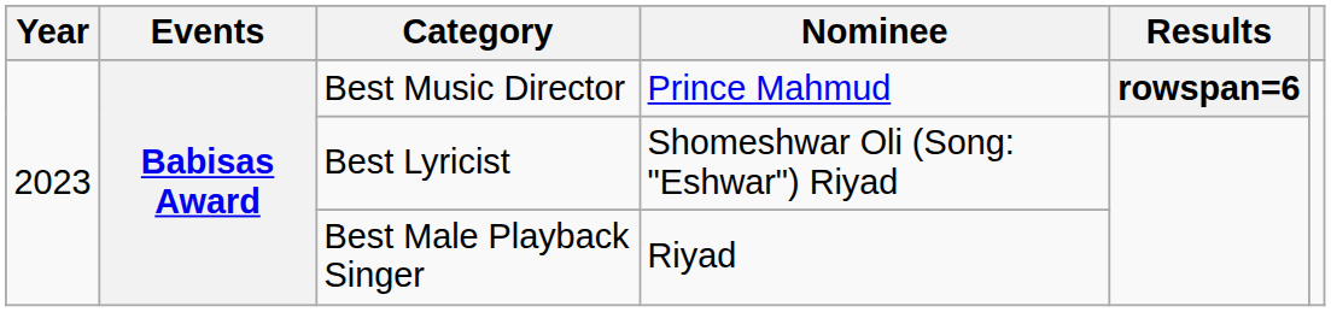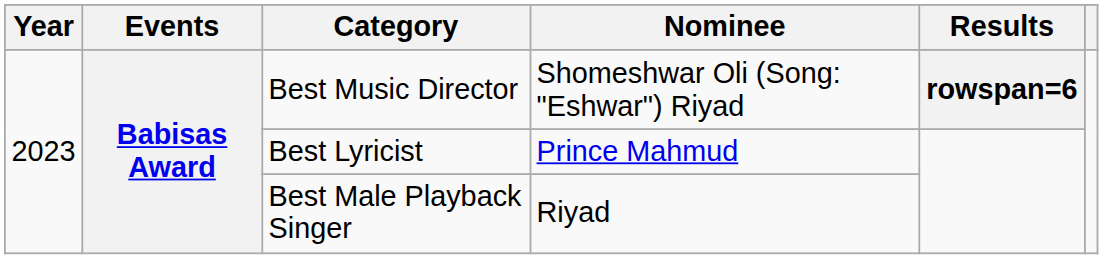 <table class="wikitable">
 <tr>
 <th>Year</th>
 <th>Events</th>
 <th>Category</th>
 <th>Nominee</th>
 <th>Results</th>
 <th></th>
 </tr>
 <tr>
 <td rowspan="3">2023</td>
 <th rowspan="3"><a href='#'>Babisas Award</a></th>
 <td>Best Music Director</td>
-<td><a href='#'>Prince Mahmud</a></td>
+<td>Shomeshwar Oli (Song: "Eshwar") Riyad</td>
 <th>rowspan=6 </th>
 <td rowspan="3"></td>
 </tr>
 <tr>
 <td>Best Lyricist</td>
-<td>Shomeshwar Oli (Song: "Eshwar") Riyad</td>
+<td><a href='#'>Prince Mahmud</a></td>
 </tr>
 <tr>
 <td>Best Male Playback Singer</td>
 <td>Riyad</td>
 </tr>
 </table>
